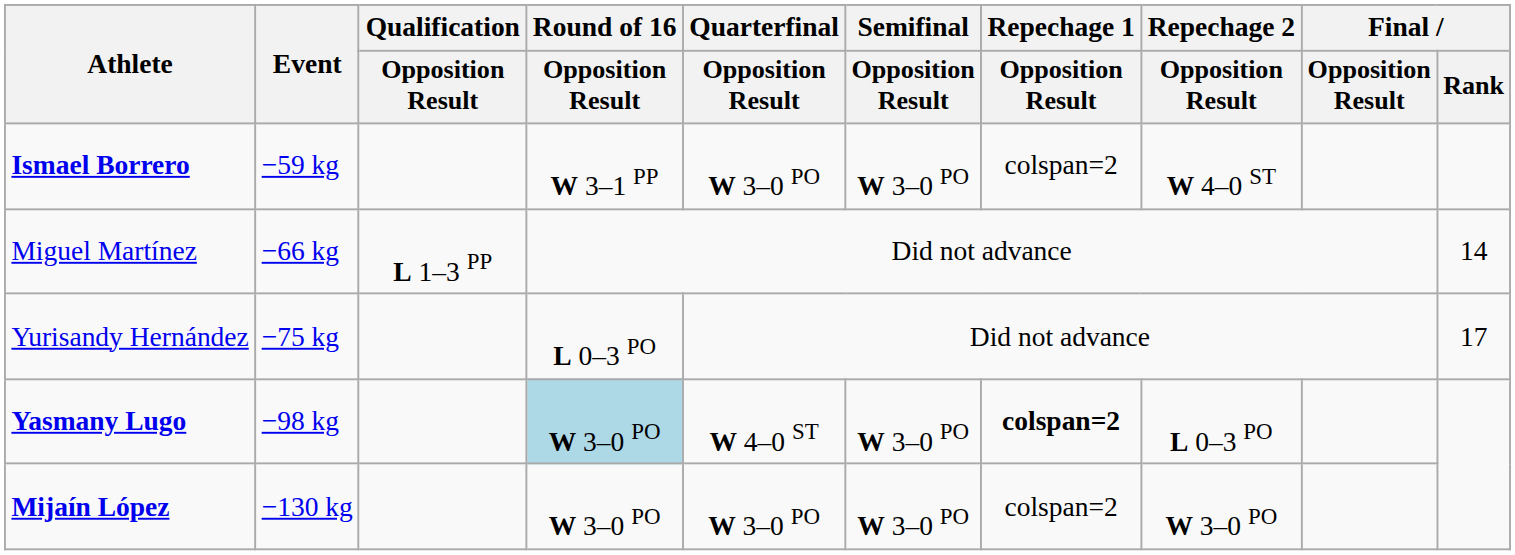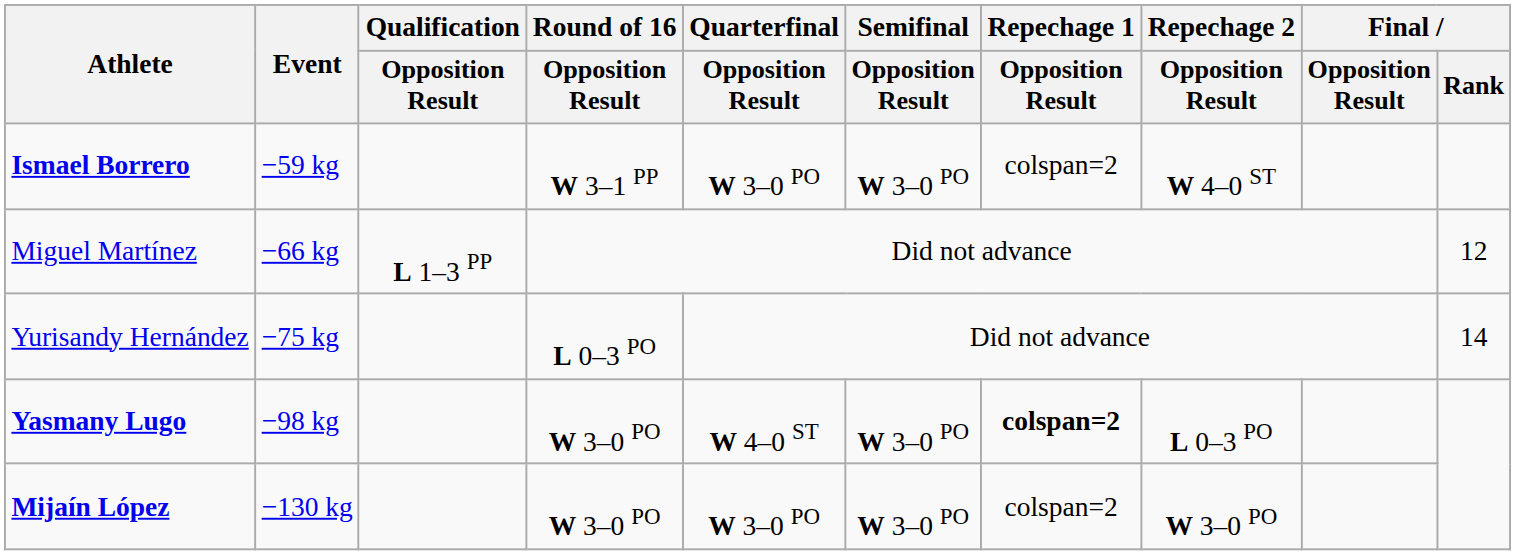 <table class="wikitable" style="font-size:90%">
 <tr>
 <th rowspan=2>Athlete</th>
 <th rowspan=2>Event</th>
 <th>Qualification</th>
 <th>Round of 16</th>
 <th>Quarterfinal</th>
 <th>Semifinal</th>
 <th>Repechage 1</th>
 <th>Repechage 2</th>
 <th colspan=2>Final / </th>
 </tr>
 <tr style="font-size: 95%">
 <th>Opposition<br>Result</th>
 <th>Opposition<br>Result</th>
 <th>Opposition<br>Result</th>
 <th>Opposition<br>Result</th>
 <th>Opposition<br>Result</th>
 <th>Opposition<br>Result</th>
 <th>Opposition<br>Result</th>
 <th>Rank</th>
 </tr>
 <tr align=center>
 <td align=left><strong><a href='#'>Ismael Borrero</a></strong></td>
 <td align=left><a href='#'>−59 kg</a></td>
 <td></td>
 <td><br><strong>W</strong> 3–1 <sup>PP</sup></td>
 <td><br><strong>W</strong> 3–0 <sup>PO</sup></td>
 <td><br><strong>W</strong> 3–0 <sup>PO</sup></td>
 <td>colspan=2 </td>
 <td><br><strong>W</strong> 4–0 <sup>ST</sup></td>
 <td></td>
 </tr>
 <tr align=center>
 <td align=left><a href='#'>Miguel Martínez</a></td>
 <td align=left><a href='#'>−66 kg</a></td>
 <td><br><strong>L</strong> 1–3 <sup>PP</sup></td>
 <td colspan=6>Did not advance</td>
-<td>14</td>
+<td>12</td>
 </tr>
 <tr align=center>
 <td align=left><a href='#'>Yurisandy Hernández</a></td>
 <td align=left><a href='#'>−75 kg</a></td>
 <td></td>
 <td><br><strong>L</strong> 0–3 <sup>PO</sup></td>
 <td colspan=5>Did not advance</td>
-<td>17</td>
+<td>14</td>
 </tr>
 <tr align=center>
 <td align=left><strong><a href='#'>Yasmany Lugo</a></strong></td>
 <td align=left><a href='#'>−98 kg</a></td>
 <td></td>
-<td style="background: lightblue;"><br><strong>W</strong> 3–0 <sup>PO</sup></td>
+<td><br><strong>W</strong> 3–0 <sup>PO</sup></td>
 <td><br><strong>W</strong> 4–0 <sup>ST</sup></td>
 <td><br><strong>W</strong> 3–0 <sup>PO</sup></td>
 <td><strong>colspan=2 </strong></td>
 <td><br><strong>L</strong> 0–3 <sup>PO</sup></td>
 <td></td>
 </tr>
 <tr align=center>
 <td align=left><strong><a href='#'>Mijaín López</a></strong></td>
 <td align=left><a href='#'>−130 kg</a></td>
 <td></td>
 <td><br><strong>W</strong> 3–0 <sup>PO</sup></td>
 <td><br><strong>W</strong> 3–0 <sup>PO</sup></td>
 <td><br><strong>W</strong> 3–0 <sup>PO</sup></td>
 <td>colspan=2 </td>
 <td><br><strong>W</strong> 3–0 <sup>PO</sup></td>
 <td></td>
 </tr>
 </table>
